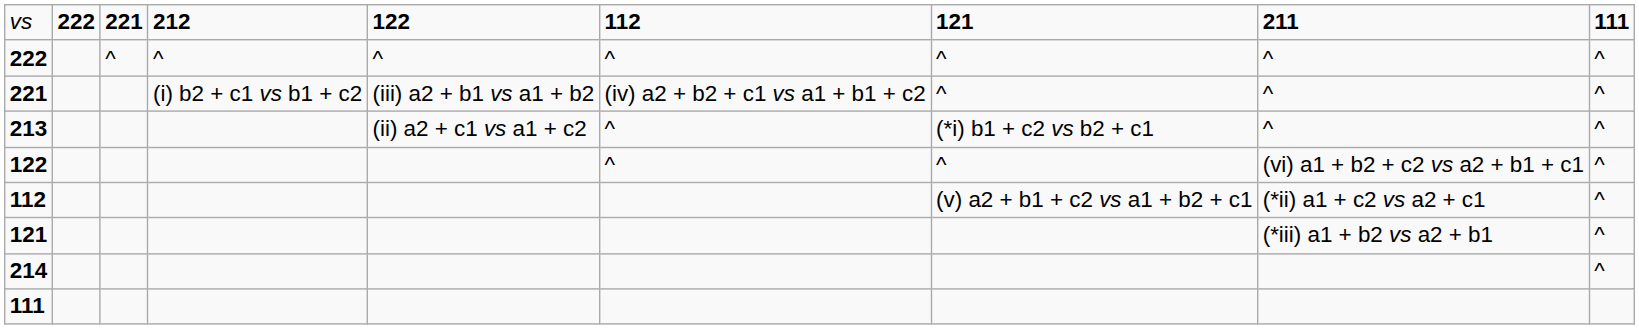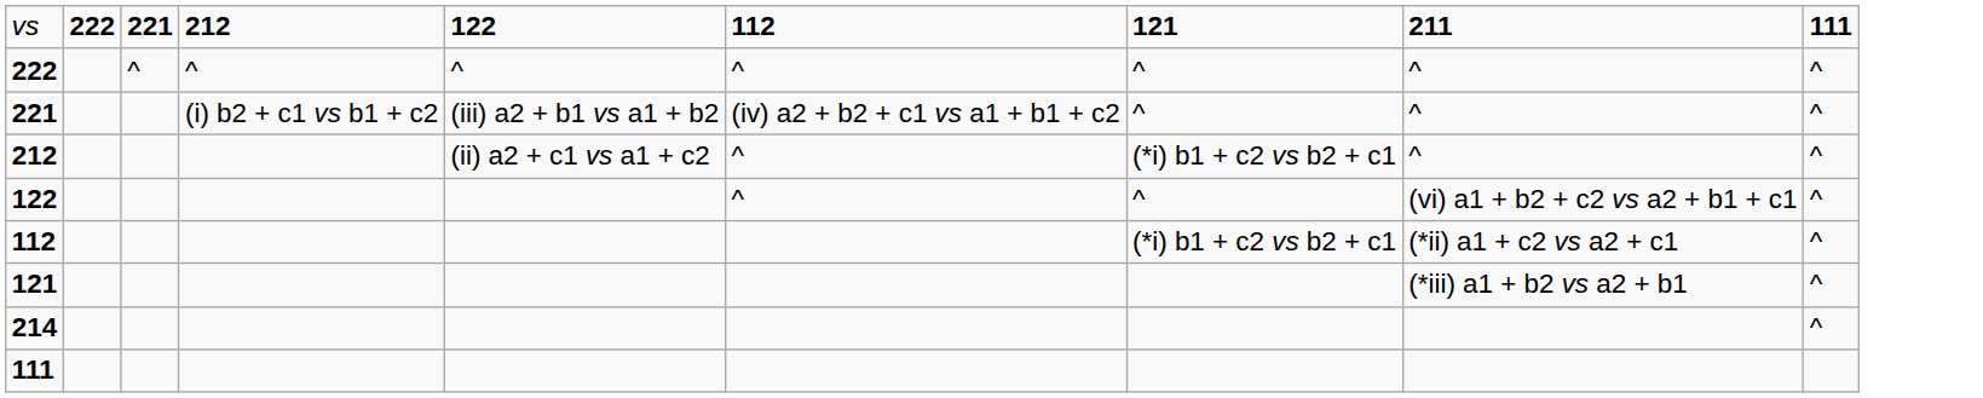 <table class="wikitable">
 <tr>
 <td><em>vs</em></td>
 <td><strong>222</strong></td>
 <td><strong>221</strong></td>
 <td><strong>212</strong></td>
 <td><strong>122</strong></td>
 <td><strong>112</strong></td>
 <td><strong>121</strong></td>
 <td><strong>211</strong></td>
 <td><strong>111</strong></td>
 </tr>
 <tr>
 <td><strong>222</strong></td>
 <td></td>
 <td>^</td>
 <td>^</td>
 <td>^</td>
 <td>^</td>
 <td>^</td>
 <td>^</td>
 <td>^</td>
 </tr>
 <tr>
 <td><strong>221</strong></td>
 <td></td>
 <td></td>
 <td>(i) b2 + c1 <em>vs</em> b1 + c2</td>
 <td>(iii) a2 + b1 <em>vs</em> a1 + b2</td>
 <td>(iv) a2 + b2 + c1 <em>vs</em> a1 + b1 + c2</td>
 <td>^</td>
 <td>^</td>
 <td>^</td>
 </tr>
 <tr>
-<td><strong>213</strong></td>
+<td><strong>212</strong></td>
 <td></td>
 <td></td>
 <td></td>
 <td>(ii) a2 + c1 <em>vs</em> a1 + c2</td>
 <td>^</td>
 <td>(*i) b1 + c2 <em>vs</em> b2 + c1</td>
 <td>^</td>
 <td>^</td>
 </tr>
 <tr>
 <td><strong>122</strong></td>
 <td></td>
 <td></td>
 <td></td>
 <td></td>
 <td>^</td>
 <td>^</td>
 <td>(vi) a1 + b2 + c2 <em>vs</em> a2 + b1 + c1</td>
 <td>^</td>
 </tr>
 <tr>
 <td><strong>112</strong></td>
 <td></td>
 <td></td>
 <td></td>
 <td></td>
 <td></td>
-<td>(v) a2 + b1 + c2 <em>vs</em> a1 + b2 + c1</td>
+<td>(*i) b1 + c2 <em>vs</em> b2 + c1</td>
 <td>(*ii) a1 + c2 <em>vs</em> a2 + c1</td>
 <td>^</td>
 </tr>
 <tr>
 <td><strong>121</strong></td>
 <td></td>
 <td></td>
 <td></td>
 <td></td>
 <td></td>
 <td></td>
 <td>(*iii) a1 + b2 <em>vs</em> a2 + b1</td>
 <td>^</td>
 </tr>
 <tr>
 <td><strong>214</strong></td>
 <td></td>
 <td></td>
 <td></td>
 <td></td>
 <td></td>
 <td></td>
 <td></td>
 <td>^</td>
 </tr>
 <tr>
 <td><strong>111</strong></td>
 <td></td>
 <td></td>
 <td></td>
 <td></td>
 <td></td>
 <td></td>
 <td></td>
 <td></td>
 </tr>
 </table>
